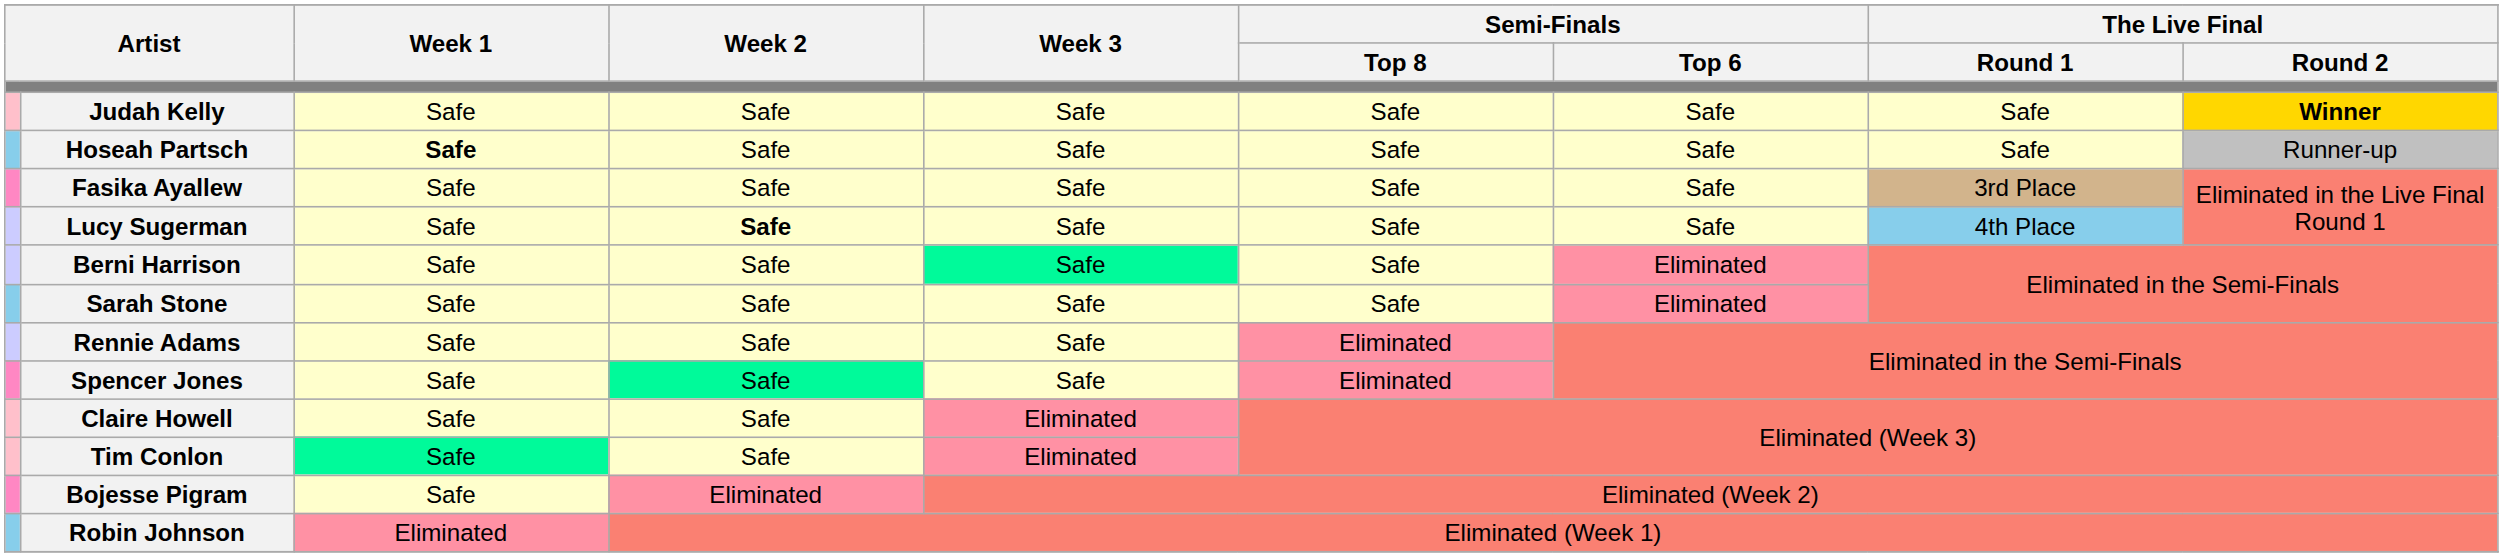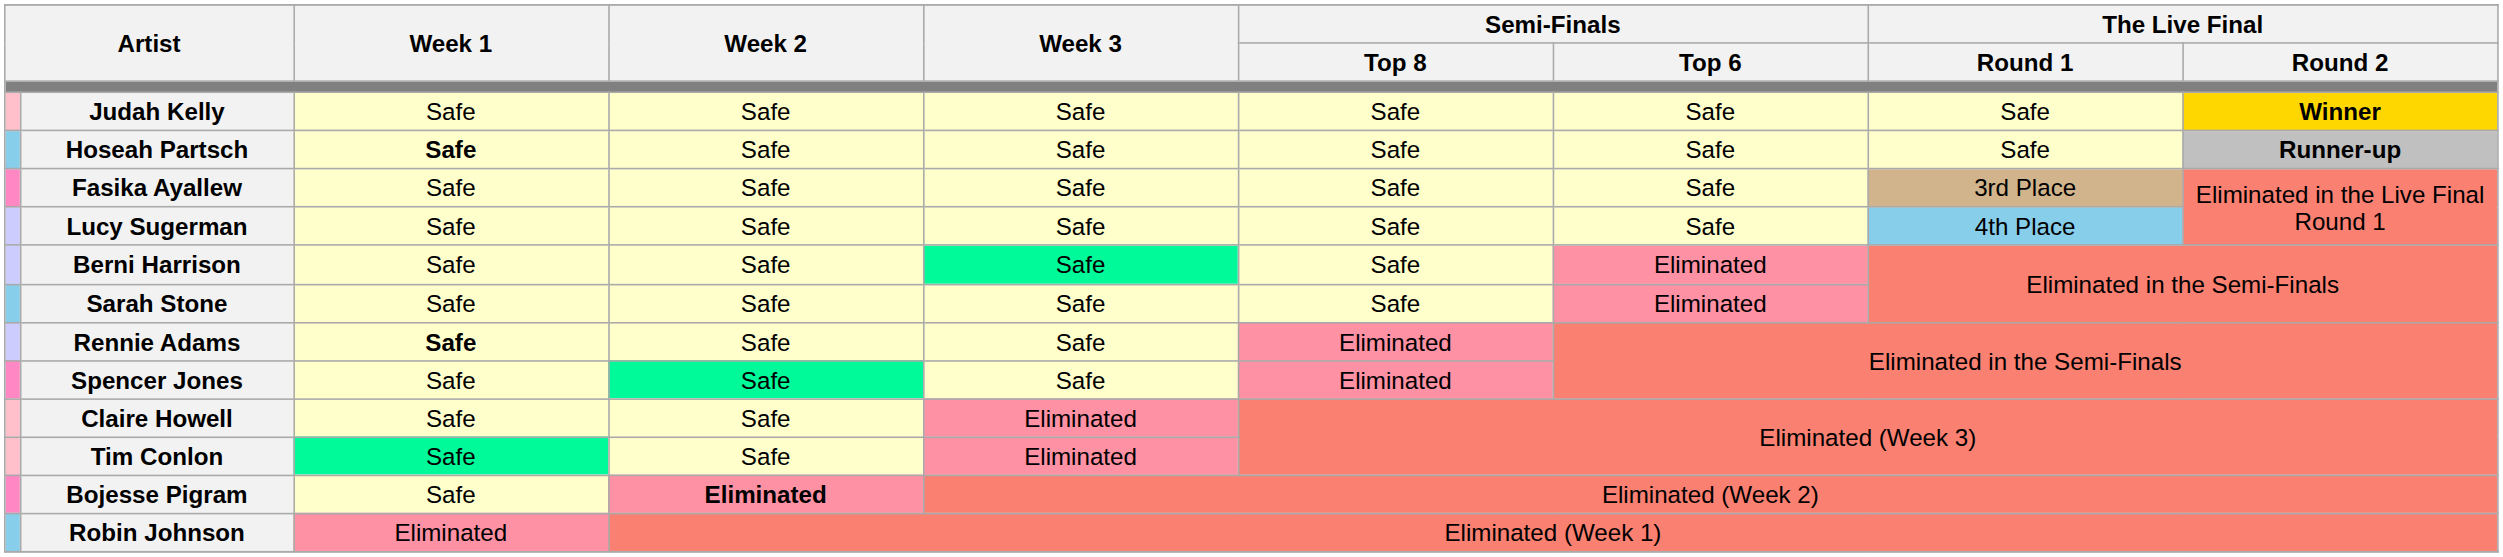 <table class="wikitable"  style="text-align:center; font-size:95%; width:auto;">
 <tr>
 </tr>
 <tr>
 <th style="width:11%;" colspan="2" rowspan="2">Artist</th>
 <th rowspan="2" style="width:12%;">Week 1</th>
 <th rowspan="2" style="width:12%;">Week 2</th>
 <th rowspan="2" style="width:12%;">Week 3</th>
 <th colspan="2" style="width:24%;">Semi-Finals</th>
 <th colspan="2" style="width:12%;">The Live Final</th>
 </tr>
 <tr>
 <th style="width:12%;">Top 8</th>
 <th style="width:12%;">Top 6</th>
 <th style="width:12%;">Round 1</th>
 <th style="width:12%;">Round 2</th>
 </tr>
 <tr>
 <th colspan="11" style="background:gray;"></th>
 </tr>
 <tr>
 <th style="background:pink;"></th>
 <th>Judah Kelly</th>
 <td style="background:#FFFFCC;">Safe</td>
 <td style="background:#FFFFCC;">Safe</td>
 <td style="background:#FFFFCC;">Safe</td>
 <td style="background:#FFFFCC;">Safe</td>
 <td style="background:#FFFFCC;">Safe</td>
 <td style="background:#FFFFCC;">Safe</td>
 <td style="background:gold;"><strong>Winner</strong></td>
 </tr>
 <tr>
 <th style="background:#87ceeb;"></th>
 <th>Hoseah Partsch</th>
 <td style="background:#FFFFCC;"><strong>Safe</strong></td>
 <td style="background:#FFFFCC;">Safe</td>
 <td style="background:#FFFFCC;">Safe</td>
 <td style="background:#FFFFCC;">Safe</td>
 <td style="background:#FFFFCC;">Safe</td>
 <td style="background:#FFFFCC;">Safe</td>
-<td style="background:silver;">Runner-up</td>
+<td style="background:silver;"><strong>Runner-up</strong></td>
 </tr>
 <tr>
 <th style="background:#FF87C3;"></th>
 <th>Fasika Ayallew</th>
 <td style="background:#FFFFCC;">Safe</td>
 <td style="background:#FFFFCC;">Safe</td>
 <td style="background:#FFFFCC;">Safe</td>
 <td style="background:#FFFFCC;">Safe</td>
 <td style="background:#FFFFCC;">Safe</td>
 <td style="background:tan;">3rd Place</td>
 <td rowspan="2" style="background:salmon;">Eliminated in the Live Final Round 1</td>
 </tr>
 <tr>
 <th style="background:#ccf"></th>
 <th>Lucy Sugerman</th>
 <td style="background:#FFFFCC;">Safe</td>
-<td style="background:#FFFFCC;"><strong>Safe</strong></td>
+<td style="background:#FFFFCC;">Safe</td>
 <td style="background:#FFFFCC;">Safe</td>
 <td style="background:#FFFFCC;">Safe</td>
 <td style="background:#FFFFCC;">Safe</td>
 <td style="background:skyblue;">4th Place</td>
 </tr>
 <tr>
 <th style="background:#ccf;"></th>
 <th>Berni Harrison</th>
 <td style="background:#FFFFCC;">Safe</td>
 <td style="background:#FFFFCC;">Safe</td>
 <td style="background:#00FA9A;">Safe</td>
 <td style="background:#FFFFCC;">Safe</td>
 <td style="background:#FF91A4;">Eliminated</td>
 <td rowspan="2" colspan="3" style="background:salmon;">Eliminated in the Semi-Finals</td>
 </tr>
 <tr>
 <th style="background:#87ceeb;"></th>
 <th>Sarah Stone</th>
 <td style="background:#FFFFCC;">Safe</td>
 <td style="background:#FFFFCC;">Safe</td>
 <td style="background:#FFFFCC;">Safe</td>
 <td style="background:#FFFFCC;">Safe</td>
 <td style="background:#FF91A4;">Eliminated</td>
 </tr>
 <tr>
 <th style="background:#ccf;"></th>
 <th>Rennie Adams</th>
-<td style="background:#FFFFCC;">Safe</td>
+<td style="background:#FFFFCC;"><strong>Safe</strong></td>
 <td style="background:#FFFFCC;">Safe</td>
 <td style="background:#FFFFCC;">Safe</td>
 <td style="background:#FF91A4;">Eliminated</td>
 <td colspan="4" rowspan="2" style="background:salmon;">Eliminated in the Semi-Finals</td>
 </tr>
 <tr>
 <th style="background:#FF87C3"></th>
 <th>Spencer Jones</th>
 <td style="background:#FFFFCC;">Safe</td>
 <td style="background:#00FA9A;">Safe</td>
 <td style="background:#FFFFCC;">Safe</td>
 <td style="background:#FF91A4;">Eliminated</td>
 </tr>
 <tr>
 <th style="background:pink;"></th>
 <th>Claire Howell</th>
 <td style="background:#FFFFCC;">Safe</td>
 <td style="background:#FFFFCC;">Safe</td>
 <td style="background:#FF91A4;">Eliminated</td>
 <td colspan="4" rowspan="2" style="background:salmon;">Eliminated (Week 3)</td>
 </tr>
 <tr>
 <th style="background:pink;"></th>
 <th>Tim Conlon</th>
 <td style="background:#00FA9A;">Safe</td>
 <td style="background:#FFFFCC;">Safe</td>
 <td style="background:#FF91A4;">Eliminated</td>
 </tr>
 <tr>
 <th style="background:#FF87C3"></th>
 <th>Bojesse Pigram</th>
 <td style="background:#FFFFCC;">Safe</td>
-<td style="background:#FF91A4;">Eliminated</td>
+<td style="background:#FF91A4;"><strong>Eliminated</strong></td>
 <td colspan="5" style="background:salmon;">Eliminated (Week 2)</td>
 </tr>
 <tr>
 <th style="background:#87ceeb;"></th>
 <th>Robin Johnson</th>
 <td style="background:#FF91A4;">Eliminated</td>
 <td colspan="7" style="background:salmon;">Eliminated (Week 1)</td>
 </tr>
 <tr>
 </tr>
 </table>
